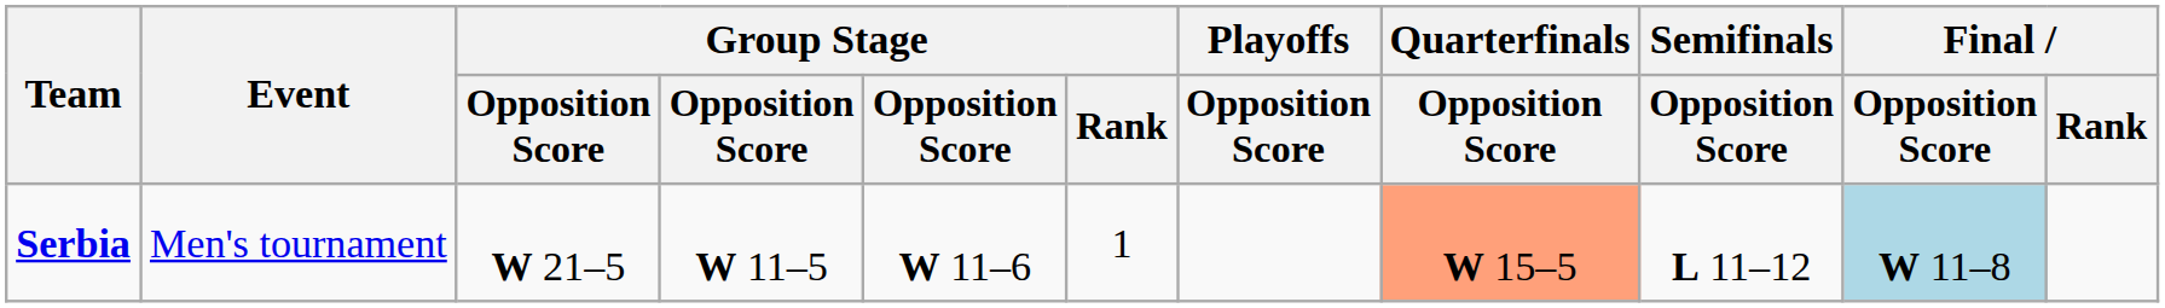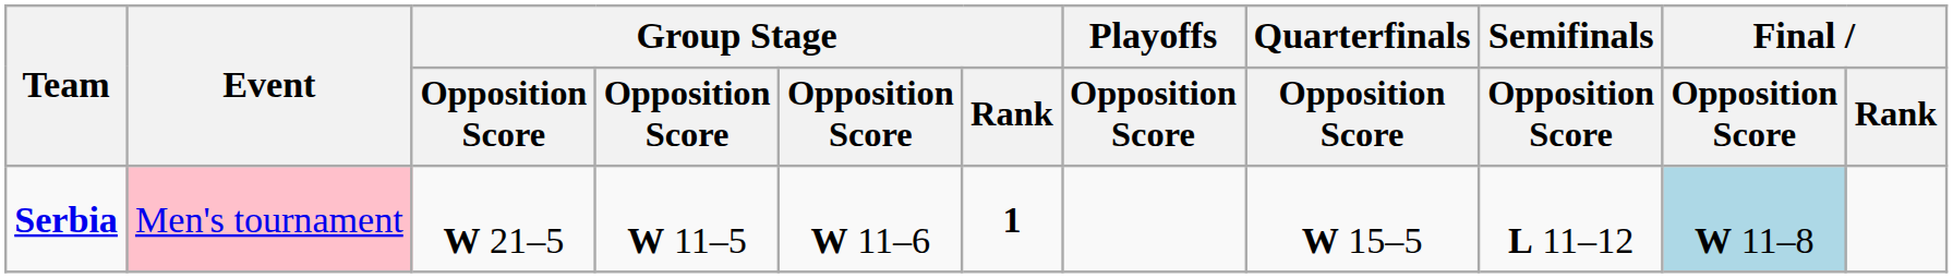 <table class="wikitable" style="font-size:90%">
 <tr>
 <th rowspan=2>Team</th>
 <th rowspan=2>Event</th>
 <th colspan=4>Group Stage</th>
 <th>Playoffs</th>
 <th>Quarterfinals</th>
 <th>Semifinals</th>
 <th colspan=2>Final / </th>
 </tr>
 <tr style="font-size:95%">
 <th>Opposition<br>Score</th>
 <th>Opposition<br>Score</th>
 <th>Opposition<br>Score</th>
 <th>Rank</th>
 <th>Opposition<br>Score</th>
 <th>Opposition<br>Score</th>
 <th>Opposition<br>Score</th>
 <th>Opposition<br>Score</th>
 <th>Rank</th>
 </tr>
 <tr align=center>
 <td align=left><strong><a href='#'>Serbia</a></strong></td>
-<td align=left><a href='#'>Men's tournament</a></td>
+<td align=left style="background: pink;"><a href='#'>Men's tournament</a></td>
 <td><br><strong>W</strong> 21–5</td>
 <td><br><strong>W</strong> 11–5</td>
 <td><br><strong>W</strong> 11–6</td>
-<td>1</td>
+<td><strong>1</strong></td>
 <td></td>
-<td style="background: lightsalmon;"><br><strong>W</strong> 15–5</td>
+<td><br><strong>W</strong> 15–5</td>
 <td><br><strong>L</strong> 11–12</td>
 <td style="background: lightblue;"><br><strong>W</strong> 11–8</td>
 <td></td>
 </tr>
 </table>
